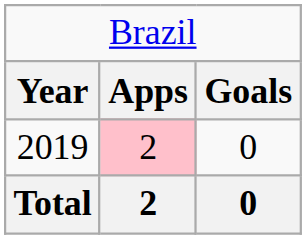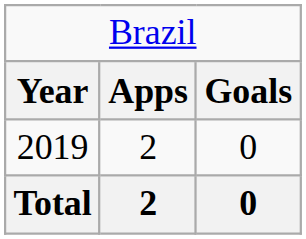 <table class="wikitable" style="text-align:center">
 <tr>
 <td colspan="3"><a href='#'>Brazil</a></td>
 </tr>
 <tr>
 <th>Year</th>
 <th>Apps</th>
 <th>Goals</th>
 </tr>
 <tr>
 <td>2019</td>
-<td style="background: pink;">2</td>
+<td>2</td>
 <td>0</td>
 </tr>
 <tr>
 <th>Total</th>
 <th>2</th>
 <th>0</th>
 </tr>
 </table>
